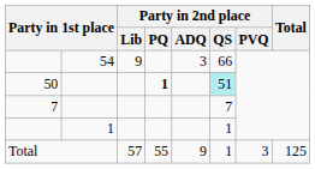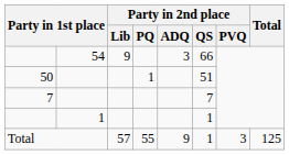 <table class="wikitable" style="text-align:right;">
 <tr>
 <th rowspan="2" colspan="2" style="text-align:left;">Party in 1st place</th>
 <th colspan="5">Party in 2nd place</th>
 <th rowspan="2">Total</th>
 </tr>
 <tr>
 <th>Lib</th>
 <th>PQ</th>
 <th>ADQ</th>
 <th>QS</th>
 <th>PVQ</th>
 </tr>
 <tr>
 <td></td>
 <td>54</td>
 <td>9</td>
 <td></td>
 <td>3</td>
 <td>66</td>
 </tr>
 <tr>
 <td>50</td>
 <td></td>
 <td></td>
-<td><strong>1</strong></td>
+<td>1</td>
 <td></td>
-<td style="background: paleturquoise;">51</td>
+<td>51</td>
 </tr>
 <tr>
 <td>7</td>
 <td></td>
 <td></td>
 <td></td>
 <td></td>
 <td>7</td>
 </tr>
 <tr>
 <td></td>
 <td>1</td>
 <td></td>
 <td></td>
 <td></td>
 <td>1</td>
 </tr>
 <tr>
 <td colspan="2" style="text-align:left;">Total</td>
 <td>57</td>
 <td>55</td>
 <td>9</td>
 <td>1</td>
 <td>3</td>
 <td>125</td>
 </tr>
 </table>
